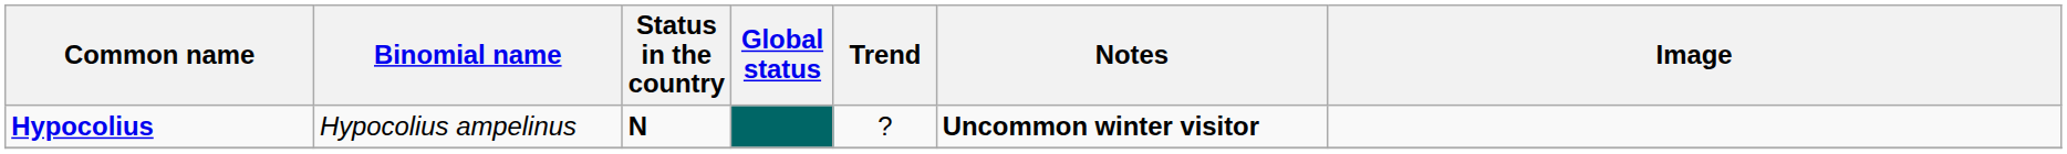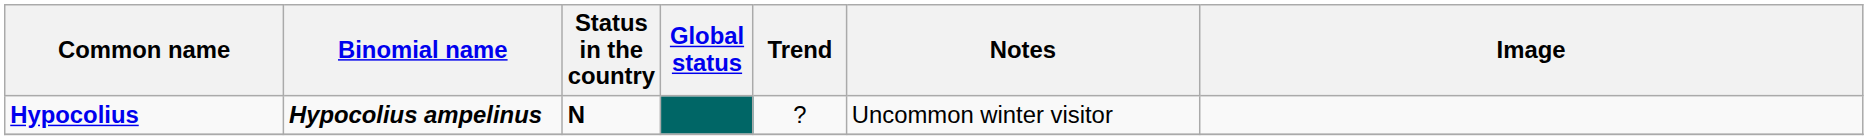 <table class="wikitable sortable">
 <tr>
 <th width="15%">Common name</th>
 <th width="15%"><a href='#'>Binomial name</a></th>
 <th data-sort-type="number" width="1%">Status in the country</th>
 <th width="5%"><a href='#'>Global status</a></th>
 <th width="5%">Trend</th>
 <th width="19%">Notes</th>
 <th class="unsortable">Image</th>
 </tr>
 <tr>
 <td><strong><a href='#'>Hypocolius</a></strong></td>
-<td><em>Hypocolius ampelinus</em></td>
+<td><strong><em>Hypocolius ampelinus</em></strong></td>
 <td><strong>N</strong></td>
 <td align=center style="background: #006666"></td>
 <td align=center>?</td>
-<td><strong>Uncommon winter visitor</strong></td>
+<td>Uncommon winter visitor</td>
 <td></td>
 </tr>
 <tr>
 </tr>
 </table>
